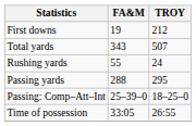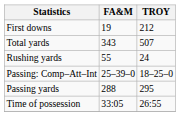 <table class="wikitable" style="float: left;">
 <tr>
 <th>Statistics</th>
 <th>FA&M</th>
 <th>TROY</th>
 </tr>
 <tr>
 <td>First downs</td>
 <td>19</td>
 <td>212</td>
 </tr>
 <tr>
 <td>Total yards</td>
 <td>343</td>
 <td>507</td>
 </tr>
 <tr>
 <td>Rushing yards</td>
 <td>55</td>
 <td>24</td>
 </tr>
 <tr>
+<td>Passing: Comp–Att–Int</td>
+<td>25–39–0</td>
+<td>18–25–0</td>
+</tr>
+<tr>
 <td>Passing yards</td>
 <td>288</td>
 <td>295</td>
-</tr>
-<tr>
-<td>Passing: Comp–Att–Int</td>
-<td>25–39–0</td>
-<td>18–25–0</td>
 </tr>
 <tr>
 <td>Time of possession</td>
 <td>33:05</td>
 <td>26:55</td>
 </tr>
 <tr>
 </tr>
 </table>
